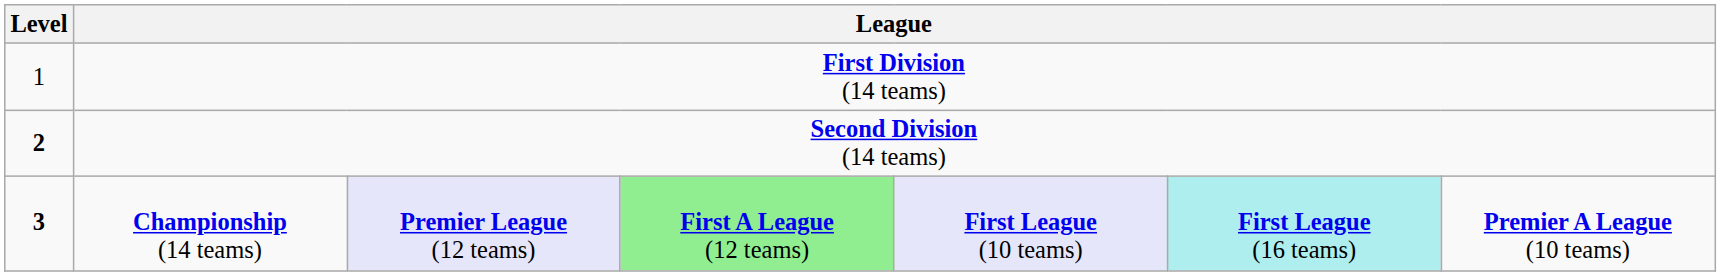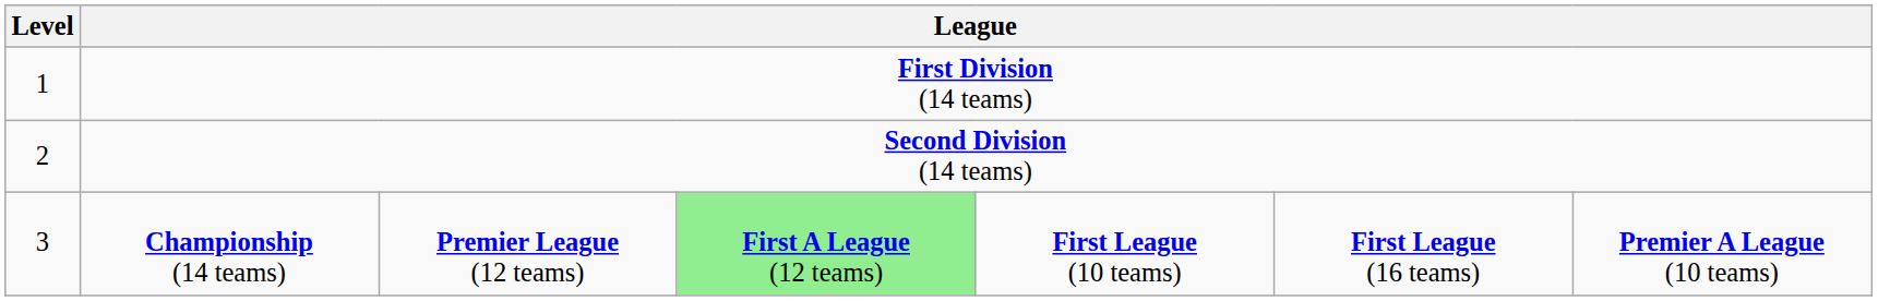 <table class="wikitable" style="text-align: center;">
 <tr south>
 <th width="4%">Level</th>
 <th colspan=6 width="96%">League</th>
 </tr>
 <tr>
 <td width="4%">1</td>
 <td width="96%" colspan=6><strong><a href='#'>First Division</a></strong><br>(14 teams)</td>
 </tr>
 <tr>
-<td width="4%"><strong>2</strong></td>
+<td width="4%">2</td>
 <td width="96%" colspan=6><strong><a href='#'>Second Division</a></strong><br>(14 teams)</td>
 </tr>
 <tr>
-<td width="4%"><strong>3</strong></td>
+<td width="4%">3</td>
 <td width="16%"><br><strong><a href='#'>Championship</a></strong><br>(14 teams)</td>
-<td width="16%" style="background: lavender;"><br><strong><a href='#'>Premier League</a></strong><br>(12 teams)</td>
+<td width="16%"><br><strong><a href='#'>Premier League</a></strong><br>(12 teams)</td>
 <td width="16%" style="background: lightgreen;"><br><strong><a href='#'>First A League</a></strong><br>(12 teams)</td>
-<td width="16%" style="background: lavender;"><br><strong><a href='#'>First League</a></strong><br>(10 teams)</td>
-<td width="16%" style="background: paleturquoise;"><br><strong><a href='#'>First League</a></strong><br>(16 teams)</td>
+<td width="16%"><br><strong><a href='#'>First League</a></strong><br>(10 teams)</td>
+<td width="16%"><br><strong><a href='#'>First League</a></strong><br>(16 teams)</td>
 <td width="16%"><br><strong><a href='#'>Premier A League</a></strong><br>(10 teams)</td>
 </tr>
 </table>
